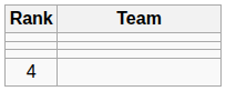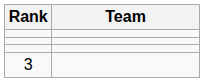 <table class="wikitable" style="text-align: center;">
 <tr>
 <th width=40>Rank</th>
 <th width=140>Team</th>
 </tr>
 <tr align=center>
 <td></td>
 <td style="text-align:left;"></td>
 </tr>
 <tr align=center>
 <td></td>
 <td style="text-align:left;"></td>
 </tr>
 <tr align=center>
 <td></td>
 <td style="text-align:left;"></td>
 </tr>
 <tr align=center>
-<td>4</td>
+<td>3</td>
 <td style="text-align:left;"></td>
 </tr>
 </table>
